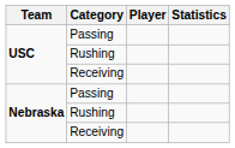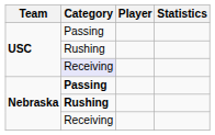 <table class="wikitable" style="float: right;">
 <tr>
 <th>Team</th>
 <th>Category</th>
 <th>Player</th>
 <th>Statistics</th>
 </tr>
 <tr>
 <td rowspan=3><strong>USC</strong></td>
 <td>Passing</td>
 <td></td>
 <td></td>
 </tr>
 <tr>
 <td>Rushing</td>
 <td></td>
 <td></td>
 </tr>
 <tr>
-<td>Receiving</td>
+<td style="background: lavender;">Receiving</td>
 <td></td>
 <td></td>
 </tr>
 <tr>
 <td rowspan=3><strong>Nebraska</strong></td>
-<td>Passing</td>
+<td><strong>Passing</strong></td>
 <td></td>
 <td></td>
 </tr>
 <tr>
-<td>Rushing</td>
+<td><strong>Rushing</strong></td>
 <td></td>
 <td></td>
 </tr>
 <tr>
 <td>Receiving</td>
 <td></td>
 <td></td>
 </tr>
 </table>
